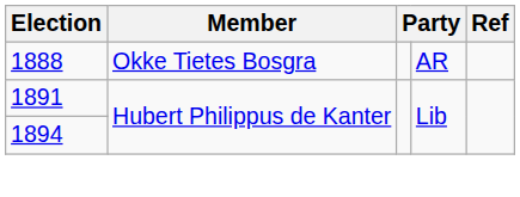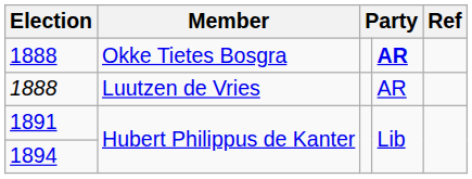 <table class="wikitable">
 <tr>
 <th scope="col">Election</th>
 <th scope="col">Member</th>
 <th scope="col" colspan="2">Party</th>
 <th scope="col">Ref</th>
 </tr>
 <tr>
 <td scope="row"><a href='#'>1888</a></td>
 <td scope="row"><a href='#'>Okke Tietes Bosgra</a></td>
+<td scope="row" style="background-color:"></td>
+<td scope="row"><strong><a href='#'>AR</a></strong></td>
+<td scope="row"></td>
+</tr>
+<tr>
+<td scope="row"><em>1888</em></td>
+<td scope="row"><a href='#'>Luutzen de Vries</a></td>
 <td scope="row" style="background-color:"></td>
 <td scope="row"><a href='#'>AR</a></td>
 <td scope="row"></td>
 </tr>
 <tr>
 <td scope="row"><a href='#'>1891</a></td>
 <td scope="row" rowspan=2><a href='#'>Hubert Philippus de Kanter</a></td>
 <td scope="row" rowspan=2 style="background-color:"></td>
 <td scope="row" rowspan=2><a href='#'>Lib</a></td>
 <td scope="row" rowspan=2></td>
 </tr>
 <tr>
 <td scope="row"><a href='#'>1894</a></td>
 </tr>
 </table>
